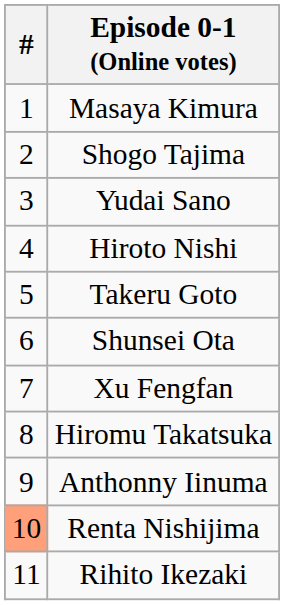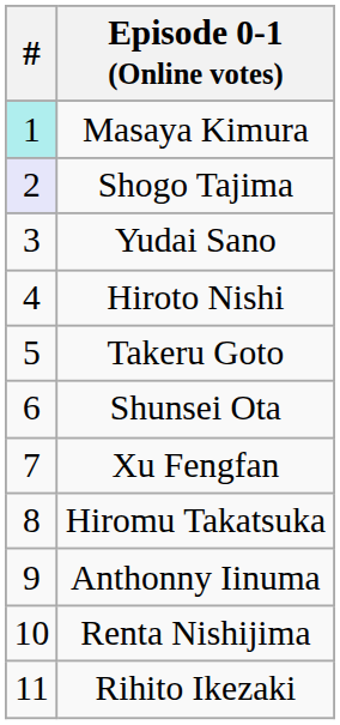 <table class="wikitable sortable" style="text-align:center;">
 <tr>
 <th>#</th>
 <th>Episode 0-1<br><small>(Online votes)</small></th>
 </tr>
 <tr>
-<td>1</td>
+<td style="background: paleturquoise;">1</td>
 <td>Masaya Kimura</td>
 </tr>
 <tr>
-<td>2</td>
+<td style="background: lavender;">2</td>
 <td>Shogo Tajima</td>
 </tr>
 <tr>
 <td>3</td>
 <td>Yudai Sano</td>
 </tr>
 <tr>
 <td>4</td>
 <td>Hiroto Nishi</td>
 </tr>
 <tr>
 <td>5</td>
 <td>Takeru Goto</td>
 </tr>
 <tr>
 <td>6</td>
 <td>Shunsei Ota</td>
 </tr>
 <tr>
 <td>7</td>
 <td>Xu Fengfan</td>
 </tr>
 <tr>
 <td>8</td>
 <td>Hiromu Takatsuka</td>
 </tr>
 <tr>
 <td>9</td>
 <td>Anthonny Iinuma</td>
 </tr>
 <tr>
-<td style="background: lightsalmon;">10</td>
+<td>10</td>
 <td>Renta Nishijima</td>
 </tr>
 <tr>
 <td>11</td>
 <td>Rihito Ikezaki</td>
 </tr>
 </table>
